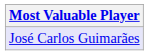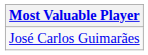 <table class=wikitable style="text-align:center; margin:auto">
 <tr>
 <th><a href='#'>Most Valuable Player</a></th>
 </tr>
 <tr>
-<td style="background: lavender;"><a href='#'>José Carlos Guimarães</a></td>
+<td><a href='#'>José Carlos Guimarães</a></td>
 </tr>
 </table>
